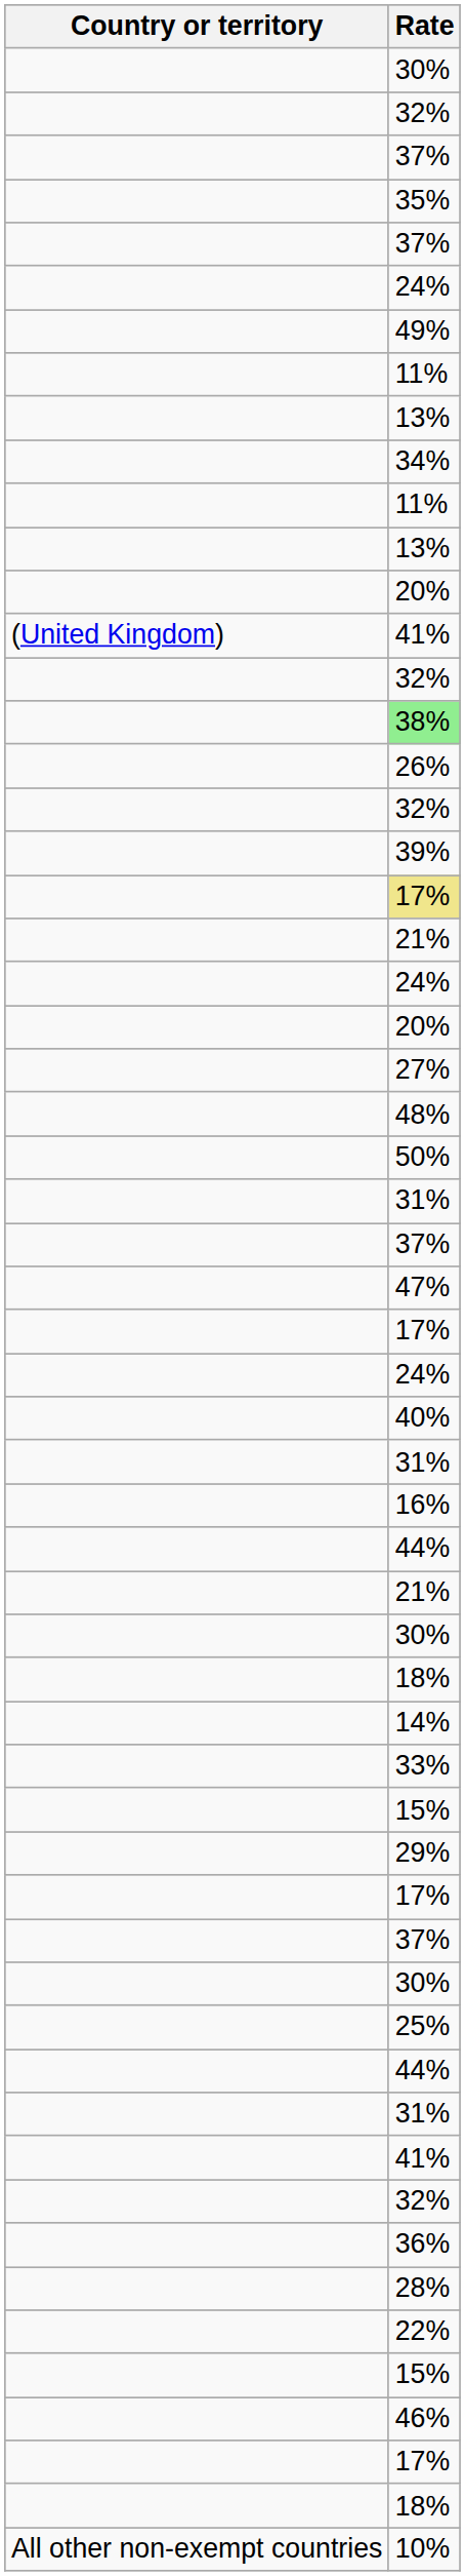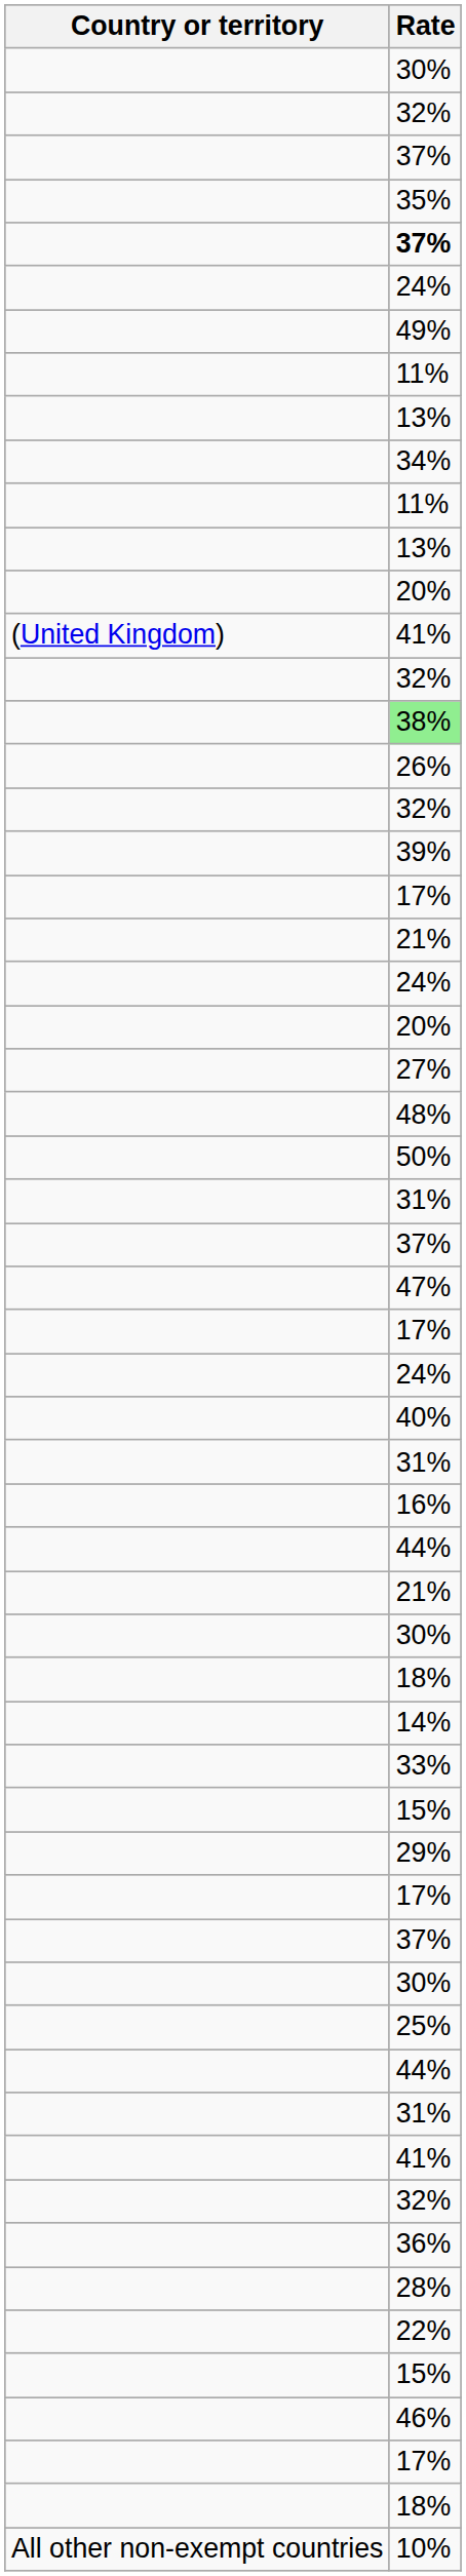 <table class="wikitable sortable mw-collapsible floatright">
 <tr>
 <th scope="col">Country or territory</th>
 <th scope="col">Rate</th>
 </tr>
 <tr>
 <td></td>
 <td>30%</td>
 </tr>
 <tr>
 <td></td>
 <td>32%</td>
 </tr>
 <tr>
 <td></td>
 <td>37%</td>
 </tr>
 <tr>
 <td></td>
 <td>35%</td>
 </tr>
 <tr>
 <td></td>
-<td>37%</td>
+<td><strong>37%</strong></td>
 </tr>
 <tr>
 <td></td>
 <td>24%</td>
 </tr>
 <tr>
 <td></td>
 <td>49%</td>
 </tr>
 <tr>
 <td></td>
 <td>11%</td>
 </tr>
 <tr>
 <td></td>
 <td>13%</td>
 </tr>
 <tr>
 <td></td>
 <td>34%</td>
 </tr>
 <tr>
 <td></td>
 <td>11%</td>
 </tr>
 <tr>
 <td></td>
 <td>13%</td>
 </tr>
 <tr>
 <td></td>
 <td>20%</td>
 </tr>
 <tr>
 <td> (<a href='#'>United Kingdom</a>)</td>
 <td>41%</td>
 </tr>
 <tr>
 <td></td>
 <td>32%</td>
 </tr>
 <tr>
 <td></td>
 <td style="background: lightgreen;">38%</td>
 </tr>
 <tr>
 <td></td>
 <td>26%</td>
 </tr>
 <tr>
 <td></td>
 <td>32%</td>
 </tr>
 <tr>
 <td></td>
 <td>39%</td>
 </tr>
 <tr>
 <td></td>
-<td style="background: khaki;">17%</td>
+<td>17%</td>
 </tr>
 <tr>
 <td></td>
 <td>21%</td>
 </tr>
 <tr>
 <td></td>
 <td>24%</td>
 </tr>
 <tr>
 <td></td>
 <td>20%</td>
 </tr>
 <tr>
 <td></td>
 <td>27%</td>
 </tr>
 <tr>
 <td></td>
 <td>48%</td>
 </tr>
 <tr>
 <td></td>
 <td>50%</td>
 </tr>
 <tr>
 <td></td>
 <td>31%</td>
 </tr>
 <tr>
 <td></td>
 <td>37%</td>
 </tr>
 <tr>
 <td></td>
 <td>47%</td>
 </tr>
 <tr>
 <td></td>
 <td>17%</td>
 </tr>
 <tr>
 <td></td>
 <td>24%</td>
 </tr>
 <tr>
 <td></td>
 <td>40%</td>
 </tr>
 <tr>
 <td></td>
 <td>31%</td>
 </tr>
 <tr>
 <td></td>
 <td>16%</td>
 </tr>
 <tr>
 <td></td>
 <td>44%</td>
 </tr>
 <tr>
 <td></td>
 <td>21%</td>
 </tr>
 <tr>
 <td></td>
 <td>30%</td>
 </tr>
 <tr>
 <td></td>
 <td>18%</td>
 </tr>
 <tr>
 <td></td>
 <td>14%</td>
 </tr>
 <tr>
 <td></td>
 <td>33%</td>
 </tr>
 <tr>
 <td></td>
 <td>15%</td>
 </tr>
 <tr>
 <td></td>
 <td>29%</td>
 </tr>
 <tr>
 <td></td>
 <td>17%</td>
 </tr>
 <tr>
 <td></td>
 <td>37%</td>
 </tr>
 <tr>
 <td></td>
 <td>30%</td>
 </tr>
 <tr>
 <td></td>
 <td>25%</td>
 </tr>
 <tr>
 <td></td>
 <td>44%</td>
 </tr>
 <tr>
 <td></td>
 <td>31%</td>
 </tr>
 <tr>
 <td></td>
 <td>41%</td>
 </tr>
 <tr>
 <td></td>
 <td>32%</td>
 </tr>
 <tr>
 <td></td>
 <td>36%</td>
 </tr>
 <tr>
 <td></td>
 <td>28%</td>
 </tr>
 <tr>
 <td></td>
 <td>22%</td>
 </tr>
 <tr>
 <td></td>
 <td>15%</td>
 </tr>
 <tr>
 <td></td>
 <td>46%</td>
 </tr>
 <tr>
 <td></td>
 <td>17%</td>
 </tr>
 <tr>
 <td></td>
 <td>18%</td>
 </tr>
 <tr>
 <td>All other non-exempt countries</td>
 <td>10%</td>
 </tr>
 </table>
